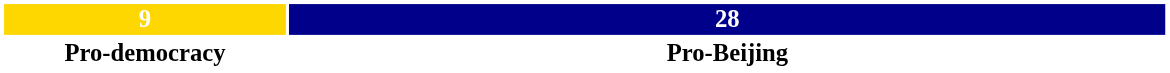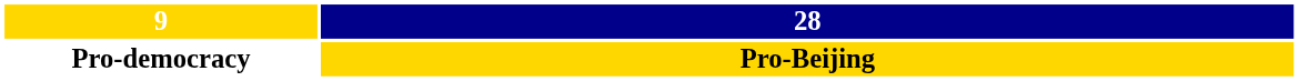 <table style="width:60%; text-align:center;">
 <tr style="color:white;">
 <td style="background:gold; width:24.32%;"><strong>9</strong></td>
 <td style="background:darkblue; width:75.68%;"><strong>28</strong></td>
 </tr>
 <tr>
 <td><span><strong>Pro-democracy</strong></span></td>
-<td><span><strong>Pro-Beijing</strong></span></td>
+<td style="background: gold;"><span><strong>Pro-Beijing</strong></span></td>
 </tr>
 </table>
